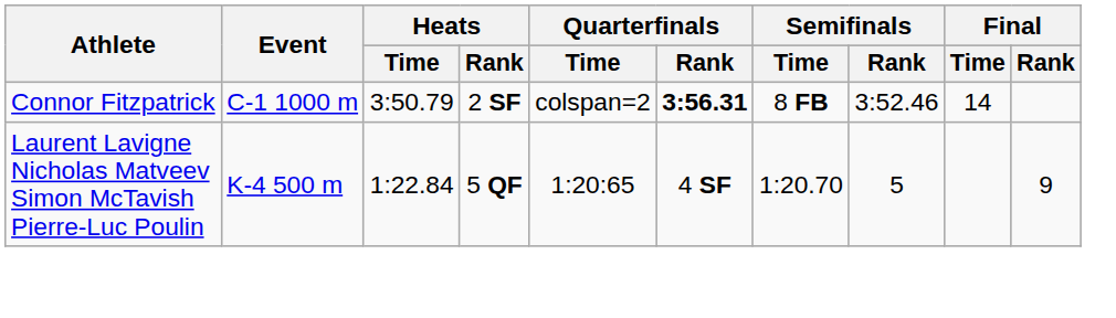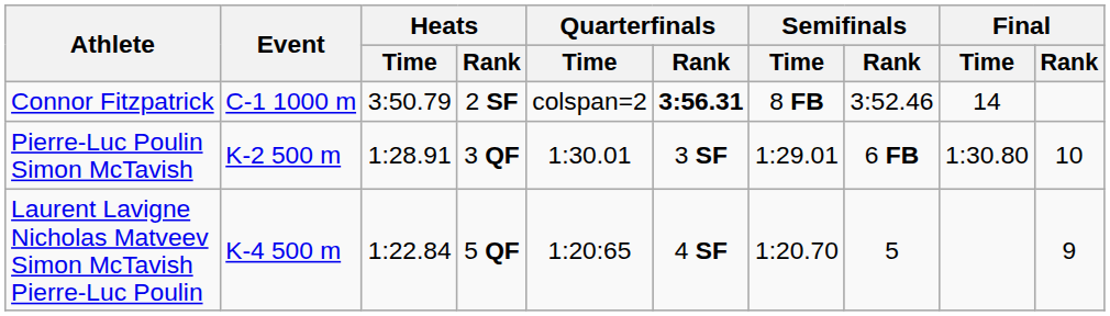 <table class=wikitable style=font-size:90%;text-align:center>
 <tr>
 <th rowspan=2>Athlete</th>
 <th rowspan=2>Event</th>
 <th colspan=2>Heats</th>
 <th colspan=2>Quarterfinals</th>
 <th colspan=2>Semifinals</th>
 <th colspan=2>Final</th>
 </tr>
 <tr style=font-size:95%>
 <th>Time</th>
 <th>Rank</th>
 <th>Time</th>
 <th>Rank</th>
 <th>Time</th>
 <th>Rank</th>
 <th>Time</th>
 <th>Rank</th>
 </tr>
 <tr>
 <td align=left><a href='#'>Connor Fitzpatrick</a></td>
 <td align=left><a href='#'>C-1 1000 m</a></td>
 <td>3:50.79</td>
 <td>2 <strong>SF</strong></td>
 <td>colspan=2 </td>
 <td><strong>3:56.31</strong></td>
 <td>8 <strong>FB</strong></td>
 <td>3:52.46</td>
 <td>14</td>
 </tr>
 <tr>
+<td align=left><a href='#'>Pierre-Luc Poulin</a><br><a href='#'>Simon McTavish</a></td>
+<td align=left><a href='#'>K-2 500 m</a></td>
+<td>1:28.91</td>
+<td>3 <strong>QF</strong></td>
+<td>1:30.01</td>
+<td>3 <strong>SF</strong></td>
+<td>1:29.01</td>
+<td>6 <strong>FB</strong></td>
+<td>1:30.80</td>
+<td>10</td>
+</tr>
+<tr>
 <td align=left><a href='#'>Laurent Lavigne</a><br><a href='#'>Nicholas Matveev</a><br><a href='#'>Simon McTavish</a><br><a href='#'>Pierre-Luc Poulin</a></td>
 <td align=left><a href='#'>K-4 500 m</a></td>
 <td>1:22.84</td>
 <td>5 <strong>QF</strong></td>
 <td>1:20:65</td>
 <td>4 <strong>SF</strong></td>
 <td>1:20.70</td>
 <td>5</td>
 <td></td>
 <td>9</td>
 </tr>
 </table>
